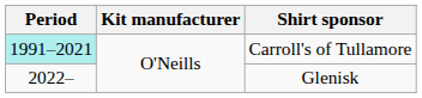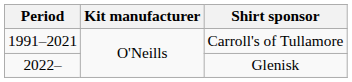 <table class="wikitable" style="text-align: center">
 <tr>
 <th>Period</th>
 <th>Kit manufacturer</th>
 <th>Shirt sponsor</th>
 </tr>
 <tr>
-<td style="background: paleturquoise;">1991–2021</td>
+<td>1991–2021</td>
 <td rowspan="2" style="text-align:center;">O'Neills</td>
 <td style="text-align:center;">Carroll's of Tullamore</td>
 </tr>
 <tr>
 <td>2022–</td>
 <td style="text-align:center;">Glenisk</td>
 </tr>
 </table>
